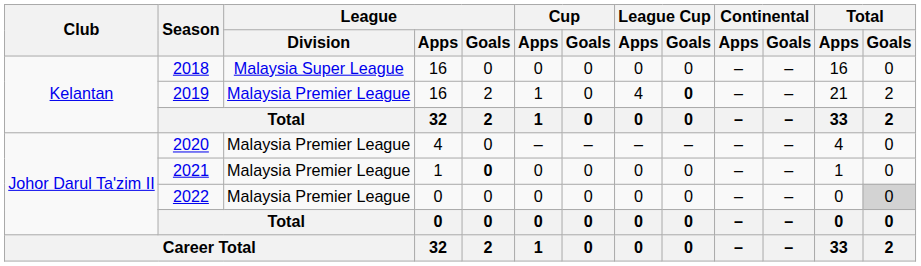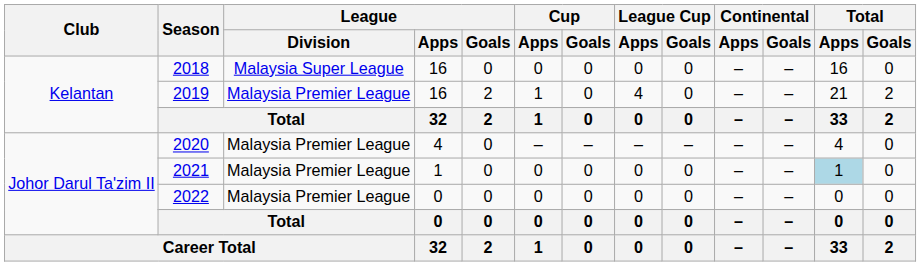 <table class=wikitable style="text-align:center">
 <tr>
 <th rowspan=2>Club</th>
 <th rowspan=2>Season</th>
 <th colspan=3>League</th>
 <th colspan=2>Cup</th>
 <th colspan=2>League Cup</th>
 <th colspan=2>Continental</th>
 <th colspan=2>Total</th>
 </tr>
 <tr>
 <th>Division</th>
 <th>Apps</th>
 <th>Goals</th>
 <th>Apps</th>
 <th>Goals</th>
 <th>Apps</th>
 <th>Goals</th>
 <th>Apps</th>
 <th>Goals</th>
 <th>Apps</th>
 <th>Goals</th>
 </tr>
 <tr>
 <td rowspan="3"><a href='#'>Kelantan</a></td>
 <td><a href='#'>2018</a></td>
 <td><a href='#'>Malaysia Super League</a></td>
 <td>16</td>
 <td>0</td>
 <td>0</td>
 <td>0</td>
 <td>0</td>
 <td>0</td>
 <td>–</td>
 <td>–</td>
 <td>16</td>
 <td>0</td>
 </tr>
 <tr>
 <td><a href='#'>2019</a></td>
 <td><a href='#'>Malaysia Premier League</a></td>
 <td>16</td>
 <td>2</td>
 <td>1</td>
 <td>0</td>
 <td>4</td>
-<td><strong>0</strong></td>
+<td>0</td>
 <td>–</td>
 <td>–</td>
 <td>21</td>
 <td>2</td>
 </tr>
 <tr>
 <th colspan="2">Total</th>
 <th>32</th>
 <th>2</th>
 <th>1</th>
 <th>0</th>
 <th>0</th>
 <th>0</th>
 <th>–</th>
 <th>–</th>
 <th>33</th>
 <th>2</th>
 </tr>
 <tr>
 <td rowspan="4"><a href='#'>Johor Darul Ta'zim II</a></td>
 <td><a href='#'>2020</a></td>
 <td>Malaysia Premier League</td>
 <td>4</td>
 <td>0</td>
 <td>–</td>
 <td>–</td>
 <td>–</td>
 <td>–</td>
 <td>–</td>
 <td>–</td>
 <td>4</td>
 <td>0</td>
 </tr>
 <tr>
 <td><a href='#'>2021</a></td>
 <td>Malaysia Premier League</td>
 <td>1</td>
-<td><strong>0</strong></td>
+<td>0</td>
 <td>0</td>
 <td>0</td>
 <td>0</td>
 <td>0</td>
 <td>–</td>
 <td>–</td>
-<td>1</td>
+<td style="background: lightblue;">1</td>
 <td>0</td>
 </tr>
 <tr>
 <td><a href='#'>2022</a></td>
 <td>Malaysia Premier League</td>
 <td>0</td>
 <td>0</td>
 <td>0</td>
 <td>0</td>
 <td>0</td>
 <td>0</td>
 <td>–</td>
 <td>–</td>
 <td>0</td>
-<td style="background: lightgrey;">0</td>
+<td>0</td>
 </tr>
 <tr>
 <th colspan="2">Total</th>
 <th>0</th>
 <th>0</th>
 <th>0</th>
 <th>0</th>
 <th>0</th>
 <th>0</th>
 <th>–</th>
 <th>–</th>
 <th>0</th>
 <th>0</th>
 </tr>
 <tr>
 <th colspan="3">Career Total</th>
 <th>32</th>
 <th>2</th>
 <th>1</th>
 <th>0</th>
 <th>0</th>
 <th>0</th>
 <th>–</th>
 <th>–</th>
 <th>33</th>
 <th>2</th>
 </tr>
 </table>
